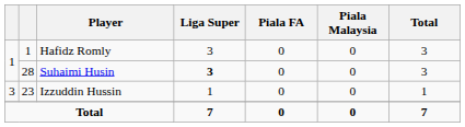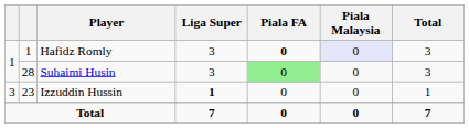 <table class="wikitable sortable" style="font-size: 95%; text-align: center;">
 <tr>
 <th width=10></th>
 <th width=10></th>
 <th scope=col style="width:160px;"><strong>Player</strong></th>
 <th width=80>Liga Super</th>
 <th width=80>Piala FA</th>
 <th width=80>Piala Malaysia</th>
 <th width=80>Total</th>
 </tr>
 <tr>
 <td rowspan=2>1</td>
 <td>1</td>
 <td align=left> Hafidz Romly</td>
 <td>3</td>
-<td>0</td>
-<td>0</td>
+<td><strong>0</strong></td>
+<td style="background: lavender;">0</td>
 <td>3</td>
 </tr>
 <tr>
 <td>28</td>
 <td align=left> <a href='#'>Suhaimi Husin</a></td>
-<td><strong>3</strong></td>
-<td>0</td>
+<td>3</td>
+<td style="background: lightgreen;">0</td>
 <td>0</td>
 <td>3</td>
 </tr>
 <tr>
 <td>3</td>
 <td>23</td>
 <td align=left> Izzuddin Hussin</td>
-<td>1</td>
+<td><strong>1</strong></td>
 <td>0</td>
 <td>0</td>
 <td>1</td>
 </tr>
 <tr>
 </tr>
 <tr class="sortbottom">
 <td colspan=3><strong>Total</strong></td>
 <td><strong>7</strong></td>
 <td><strong>0</strong></td>
 <td><strong>0</strong></td>
 <td><strong>7</strong></td>
 </tr>
 </table>
